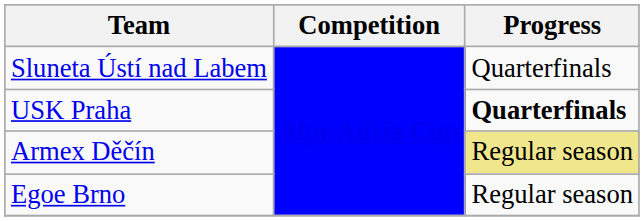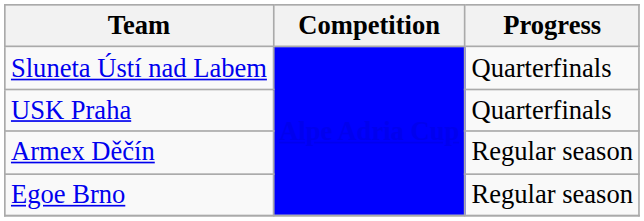 <table class="wikitable sortable">
 <tr>
 <th>Team</th>
 <th>Competition</th>
 <th>Progress</th>
 </tr>
 <tr>
 <td><a href='#'>Sluneta Ústí nad Labem</a></td>
 <td rowspan="4" style="background-color:blue;color:#D0D3D4;text-align:center"><strong><a href='#'><span>Alpe Adria Cup</span></a></strong></td>
 <td>Quarterfinals</td>
 </tr>
 <tr>
 <td><a href='#'>USK Praha</a></td>
-<td><strong>Quarterfinals</strong></td>
+<td>Quarterfinals</td>
 </tr>
 <tr>
 <td><a href='#'>Armex Děčín</a></td>
-<td style="background: khaki;">Regular season</td>
+<td>Regular season</td>
 </tr>
 <tr>
 <td><a href='#'>Egoe Brno</a></td>
 <td>Regular season</td>
 </tr>
 <tr>
 </tr>
 </table>
